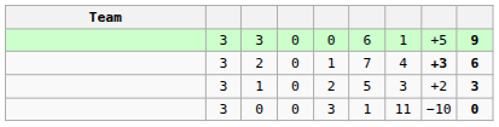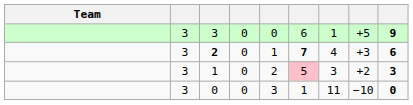 <table class="wikitable" style="text-align: center; font-size: 90%;">
 <tr>
 <th width=165>Team</th>
 <th width=25></th>
 <th width=25></th>
 <th width=25></th>
 <th width=25></th>
 <th width=25></th>
 <th width=25></th>
 <th width=25></th>
 <th width=25></th>
 </tr>
 <tr bgcolor="ccffcc">
 <td align="left"><em></em></td>
 <td>3</td>
 <td>3</td>
 <td>0</td>
 <td>0</td>
 <td>6</td>
 <td>1</td>
 <td>+5</td>
 <td><strong>9</strong></td>
 </tr>
 <tr>
 <td align="left"></td>
 <td>3</td>
-<td>2</td>
+<td><strong>2</strong></td>
 <td>0</td>
 <td>1</td>
-<td>7</td>
+<td><strong>7</strong></td>
 <td>4</td>
-<td><strong>+3</strong></td>
+<td>+3</td>
 <td><strong>6</strong></td>
 </tr>
 <tr>
 <td align="left"></td>
 <td>3</td>
 <td>1</td>
 <td>0</td>
 <td>2</td>
-<td>5</td>
+<td style="background: pink;">5</td>
 <td>3</td>
 <td>+2</td>
 <td><strong>3</strong></td>
 </tr>
 <tr>
 <td align="left"></td>
 <td>3</td>
 <td>0</td>
 <td>0</td>
 <td>3</td>
 <td>1</td>
 <td>11</td>
 <td>−10</td>
 <td><strong>0</strong></td>
 </tr>
 </table>
